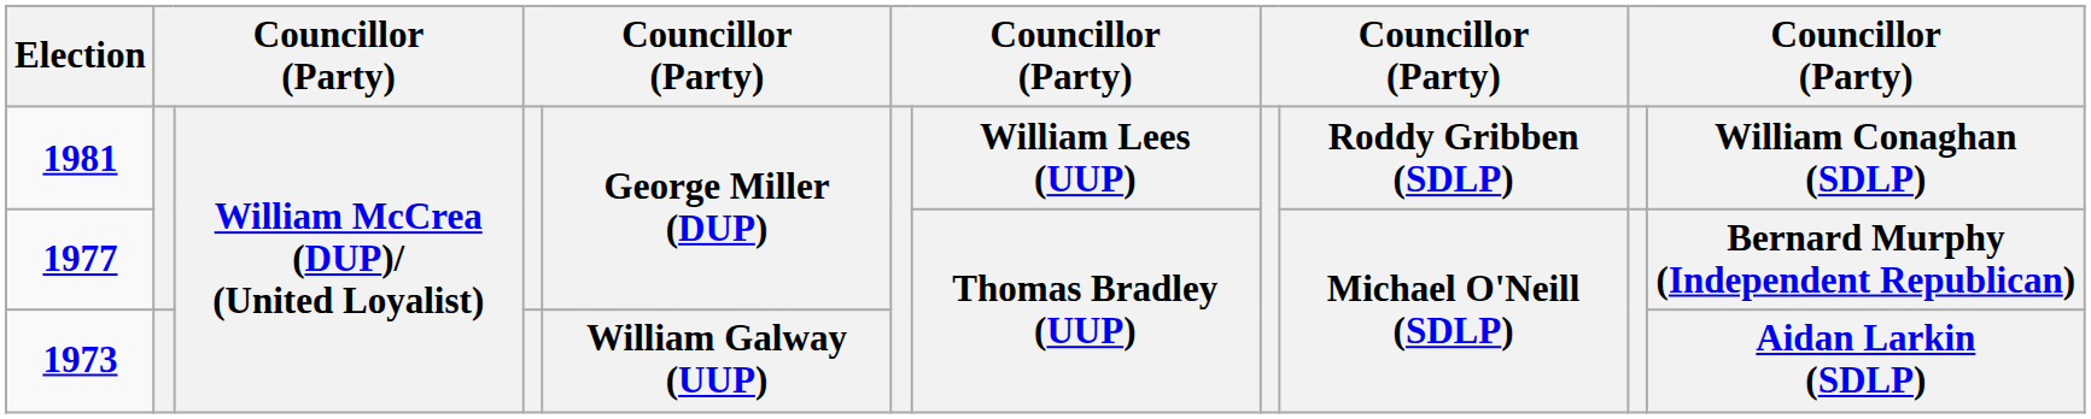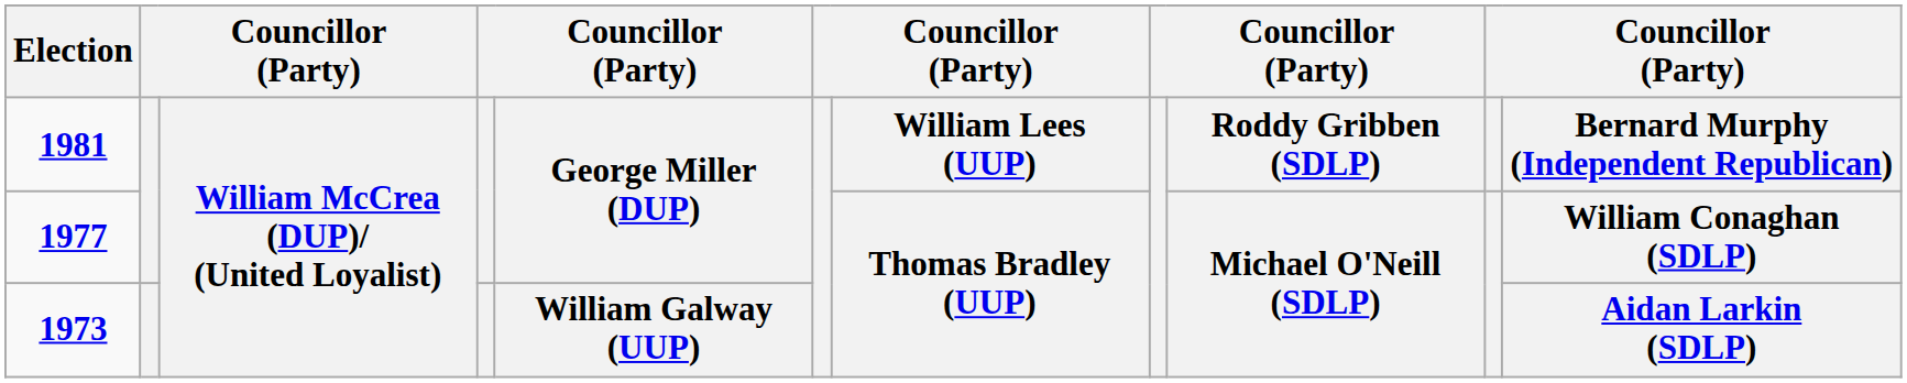 <table class="wikitable" style="text-align:center">
 <tr>
 <th scope="col" width="50">Election</th>
 <th scope="col" width="150" colspan = "2">Councillor<br> (Party)</th>
 <th scope="col" width="150" colspan = "2">Councillor<br> (Party)</th>
 <th scope="col" width="150" colspan = "2">Councillor<br> (Party)</th>
 <th scope="col" width="150" colspan = "2">Councillor<br> (Party)</th>
 <th scope="col" width="150" colspan = "2">Councillor<br> (Party)</th>
 </tr>
 <tr>
 <td><strong><a href='#'>1981</a></strong></td>
 <th rowspan="2" width="1" style="background-color: "></th>
 <th rowspan = "3"><a href='#'>William McCrea</a> <br> (<a href='#'>DUP</a>)/ <br> (United Loyalist)</th>
 <th rowspan="2" width="1" style="background-color: "></th>
 <th rowspan = "2">George Miller <br> (<a href='#'>DUP</a>)</th>
 <th rowspan="3" width="1" style="background-color: "></th>
 <th rowspan = "1">William Lees <br> (<a href='#'>UUP</a>)</th>
 <th rowspan="3" width="1" style="background-color: "></th>
 <th rowspan = "1">Roddy Gribben <br> (<a href='#'>SDLP</a>)</th>
 <th rowspan="1" width="1" style="background-color: "></th>
-<th rowspan = "1">William Conaghan <br> (<a href='#'>SDLP</a>)</th>
+<th rowspan = "1">Bernard Murphy <br> (<a href='#'>Independent Republican</a>)</th>
 </tr>
 <tr>
 <td><strong><a href='#'>1977</a></strong></td>
 <th rowspan = "2">Thomas Bradley <br> (<a href='#'>UUP</a>)</th>
 <th rowspan = "2">Michael O'Neill <br> (<a href='#'>SDLP</a>)</th>
 <th rowspan="2" width="1" style="background-color: "></th>
-<th rowspan = "1">Bernard Murphy <br> (<a href='#'>Independent Republican</a>)</th>
+<th rowspan = "1">William Conaghan <br> (<a href='#'>SDLP</a>)</th>
 </tr>
 <tr>
 <td><strong><a href='#'>1973</a></strong></td>
 <th rowspan="2" width="1" style="background-color: "></th>
 <th rowspan="1" width="1" style="background-color: "></th>
 <th rowspan = "1">William Galway <br> (<a href='#'>UUP</a>)</th>
 <th rowspan = "1"><a href='#'>Aidan Larkin</a> <br> (<a href='#'>SDLP</a>)</th>
 </tr>
 </table>
